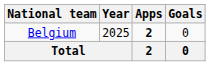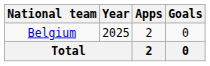 <table class="wikitable" style="text-align: center;">
 <tr>
 <th>National team</th>
 <th>Year</th>
 <th>Apps</th>
 <th>Goals</th>
 </tr>
 <tr>
 <td rowspan="1"><a href='#'>Belgium</a></td>
 <td>2025</td>
-<td><strong>2</strong></td>
+<td>2</td>
 <td>0</td>
 </tr>
 <tr>
 <th colspan="2">Total</th>
 <th>2</th>
 <th>0</th>
 </tr>
 </table>
